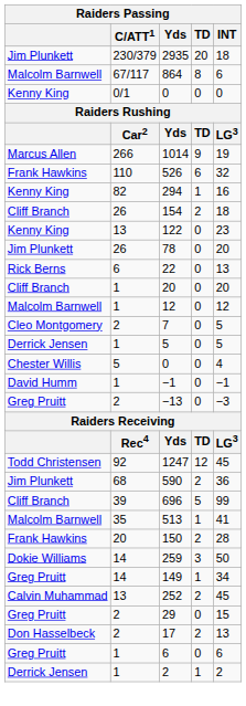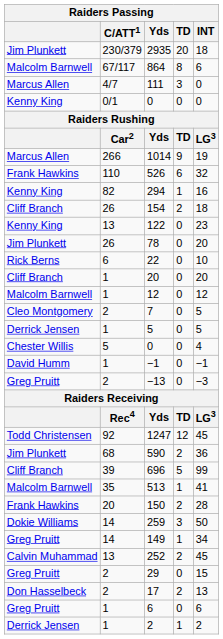 <table class="wikitable">
 <tr>
 <th colspan="5">Raiders Passing</th>
 </tr>
 <tr>
 <th></th>
 <th>C/ATT<sup>1</sup></th>
 <th>Yds</th>
 <th>TD</th>
 <th>INT</th>
 </tr>
 <tr>
 <td><a href='#'>Jim Plunkett</a></td>
 <td>230/379</td>
 <td>2935</td>
 <td>20</td>
 <td>18</td>
 </tr>
 <tr>
 <td><a href='#'>Malcolm Barnwell</a></td>
 <td>67/117</td>
 <td>864</td>
 <td>8</td>
 <td>6</td>
+</tr>
+<tr>
+<td><a href='#'>Marcus Allen</a></td>
+<td>4/7</td>
+<td>111</td>
+<td>3</td>
+<td>0</td>
 </tr>
 <tr>
 <td><a href='#'>Kenny King</a></td>
 <td>0/1</td>
 <td>0</td>
 <td>0</td>
 <td>0</td>
 </tr>
 <tr>
 <th colspan="5">Raiders Rushing</th>
 </tr>
 <tr>
 <th></th>
 <th>Car<sup>2</sup></th>
 <th>Yds</th>
 <th>TD</th>
 <th>LG<sup>3</sup></th>
 </tr>
 <tr>
 <td><a href='#'>Marcus Allen</a></td>
 <td>266</td>
 <td>1014</td>
 <td>9</td>
 <td>19</td>
 </tr>
 <tr>
 <td><a href='#'>Frank Hawkins</a></td>
 <td>110</td>
 <td>526</td>
 <td>6</td>
 <td>32</td>
 </tr>
 <tr>
 <td><a href='#'>Kenny King</a></td>
 <td>82</td>
 <td>294</td>
 <td>1</td>
 <td>16</td>
 </tr>
 <tr>
 <td><a href='#'>Cliff Branch</a></td>
 <td>26</td>
 <td>154</td>
 <td>2</td>
 <td>18</td>
 </tr>
 <tr>
 <td><a href='#'>Kenny King</a></td>
 <td>13</td>
 <td>122</td>
 <td>0</td>
 <td>23</td>
 </tr>
 <tr>
 <td><a href='#'>Jim Plunkett</a></td>
 <td>26</td>
 <td>78</td>
 <td>0</td>
 <td>20</td>
 </tr>
 <tr>
 <td><a href='#'>Rick Berns</a></td>
 <td>6</td>
 <td>22</td>
 <td>0</td>
-<td>13</td>
+<td>10</td>
 </tr>
 <tr>
 <td><a href='#'>Cliff Branch</a></td>
 <td>1</td>
 <td>20</td>
 <td>0</td>
 <td>20</td>
 </tr>
 <tr>
 <td><a href='#'>Malcolm Barnwell</a></td>
 <td>1</td>
 <td>12</td>
 <td>0</td>
 <td>12</td>
 </tr>
 <tr>
 <td><a href='#'>Cleo Montgomery</a></td>
 <td>2</td>
 <td>7</td>
 <td>0</td>
 <td>5</td>
 </tr>
 <tr>
 <td><a href='#'>Derrick Jensen</a></td>
 <td>1</td>
 <td>5</td>
 <td>0</td>
 <td>5</td>
 </tr>
 <tr>
 <td><a href='#'>Chester Willis</a></td>
 <td>5</td>
 <td>0</td>
 <td>0</td>
 <td>4</td>
 </tr>
 <tr>
 <td><a href='#'>David Humm</a></td>
 <td>1</td>
 <td>−1</td>
 <td>0</td>
 <td>−1</td>
 </tr>
 <tr>
 <td><a href='#'>Greg Pruitt</a></td>
 <td>2</td>
 <td>−13</td>
 <td>0</td>
 <td>−3</td>
 </tr>
 <tr>
 <th colspan="5">Raiders Receiving</th>
 </tr>
 <tr>
 <th></th>
 <th>Rec<sup>4</sup></th>
 <th>Yds</th>
 <th>TD</th>
 <th>LG<sup>3</sup></th>
 </tr>
 <tr>
 <td><a href='#'>Todd Christensen</a></td>
 <td>92</td>
 <td>1247</td>
 <td>12</td>
 <td>45</td>
 </tr>
 <tr>
 <td><a href='#'>Jim Plunkett</a></td>
 <td>68</td>
 <td>590</td>
 <td>2</td>
 <td>36</td>
 </tr>
 <tr>
 <td><a href='#'>Cliff Branch</a></td>
 <td>39</td>
 <td>696</td>
 <td>5</td>
 <td>99</td>
 </tr>
 <tr>
 <td><a href='#'>Malcolm Barnwell</a></td>
 <td>35</td>
 <td>513</td>
 <td>1</td>
 <td>41</td>
 </tr>
 <tr>
 <td><a href='#'>Frank Hawkins</a></td>
 <td>20</td>
 <td>150</td>
 <td>2</td>
 <td>28</td>
 </tr>
 <tr>
 <td><a href='#'>Dokie Williams</a></td>
 <td>14</td>
 <td>259</td>
 <td>3</td>
 <td>50</td>
 </tr>
 <tr>
 <td><a href='#'>Greg Pruitt</a></td>
 <td>14</td>
 <td>149</td>
 <td>1</td>
 <td>34</td>
 </tr>
 <tr>
 <td><a href='#'>Calvin Muhammad</a></td>
 <td>13</td>
 <td>252</td>
 <td>2</td>
 <td>45</td>
 </tr>
 <tr>
 <td><a href='#'>Greg Pruitt</a></td>
 <td>2</td>
 <td>29</td>
 <td>0</td>
 <td>15</td>
 </tr>
 <tr>
 <td><a href='#'>Don Hasselbeck</a></td>
 <td>2</td>
 <td>17</td>
 <td>2</td>
 <td>13</td>
 </tr>
 <tr>
 <td><a href='#'>Greg Pruitt</a></td>
 <td>1</td>
 <td>6</td>
 <td>0</td>
 <td>6</td>
 </tr>
 <tr>
 <td><a href='#'>Derrick Jensen</a></td>
 <td>1</td>
 <td>2</td>
 <td>1</td>
 <td>2</td>
 </tr>
 </table>
